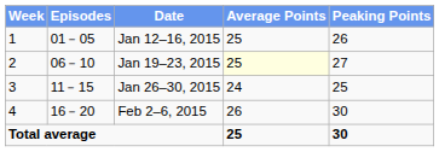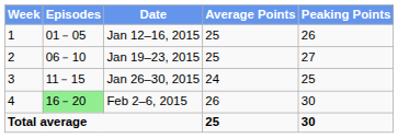 <table class="wikitable">
 <tr style="background:cornflowerblue; color:white" align="center">
 <td><strong>Week</strong></td>
 <td><strong>Episodes</strong></td>
 <td><strong>Date</strong></td>
 <td><strong>Average Points</strong></td>
 <td><strong>Peaking Points</strong></td>
 </tr>
 <tr>
 <td>1</td>
 <td>01－05</td>
 <td>Jan 12–16, 2015</td>
 <td>25</td>
 <td>26</td>
 </tr>
 <tr>
 <td>2</td>
 <td>06－10</td>
 <td>Jan 19–23, 2015</td>
-<td style="background: lightyellow;">25</td>
+<td>25</td>
 <td>27</td>
 </tr>
 <tr>
 <td>3</td>
 <td>11－15</td>
 <td>Jan 26–30, 2015</td>
 <td>24</td>
 <td>25</td>
 </tr>
 <tr>
 <td>4</td>
-<td>16－20</td>
+<td style="background: lightgreen;">16－20</td>
 <td>Feb 2–6, 2015</td>
 <td>26</td>
 <td>30</td>
 </tr>
 <tr>
 <td colspan="3"><strong>Total average</strong></td>
 <td><strong>25</strong></td>
 <td><strong>30</strong></td>
 </tr>
 </table>
